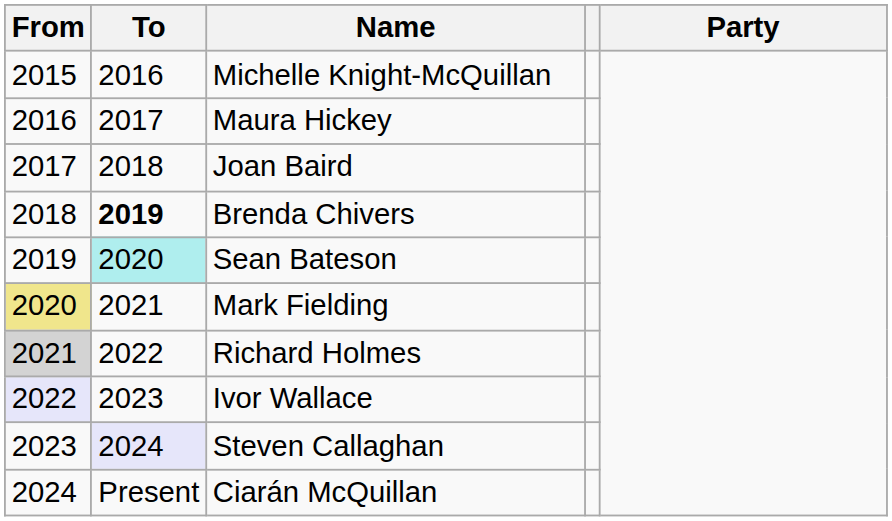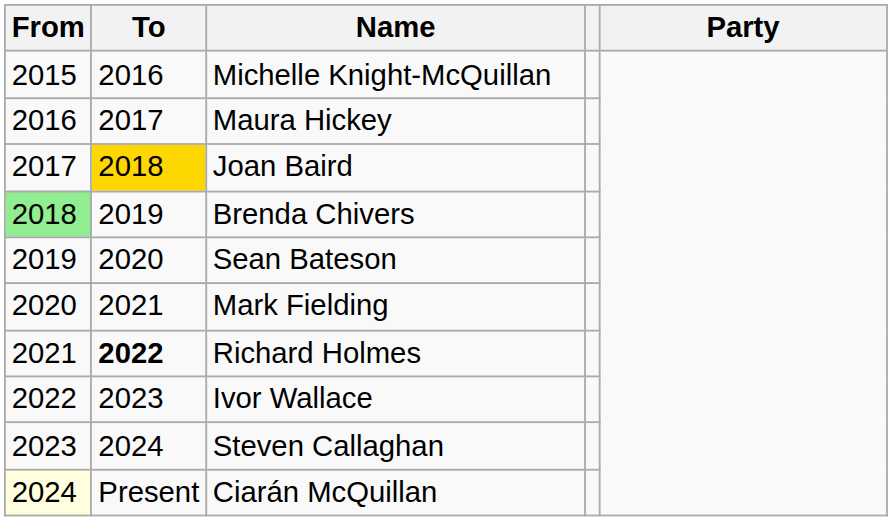 <table class="wikitable sortable">
 <tr>
 <th>From</th>
 <th>To</th>
 <th scope="col" width="200">Name</th>
 <th class="unsortable"></th>
 <th scope="col" width="150">Party</th>
 </tr>
 <tr>
 <td>2015</td>
 <td>2016</td>
 <td>Michelle Knight-McQuillan</td>
 <td></td>
 </tr>
 <tr>
 <td>2016</td>
 <td>2017</td>
 <td>Maura Hickey</td>
 <td></td>
 </tr>
 <tr>
 <td>2017</td>
-<td>2018</td>
+<td style="background: gold;">2018</td>
 <td>Joan Baird</td>
 <td></td>
 </tr>
 <tr>
-<td>2018</td>
-<td><strong>2019</strong></td>
+<td style="background: lightgreen;">2018</td>
+<td>2019</td>
 <td>Brenda Chivers</td>
 <td></td>
 </tr>
 <tr>
 <td>2019</td>
-<td style="background: paleturquoise;">2020</td>
+<td>2020</td>
 <td>Sean Bateson</td>
 <td></td>
 </tr>
 <tr>
-<td style="background: khaki;">2020</td>
+<td>2020</td>
 <td>2021</td>
 <td>Mark Fielding</td>
 <td></td>
 </tr>
 <tr>
-<td style="background: lightgrey;">2021</td>
-<td>2022</td>
+<td>2021</td>
+<td><strong>2022</strong></td>
 <td>Richard Holmes</td>
 <td></td>
 </tr>
 <tr>
-<td style="background: lavender;">2022</td>
+<td>2022</td>
 <td>2023</td>
 <td>Ivor Wallace</td>
 <td></td>
 </tr>
 <tr>
 <td>2023</td>
-<td style="background: lavender;">2024</td>
+<td>2024</td>
 <td>Steven Callaghan</td>
 <td></td>
 </tr>
 <tr>
-<td>2024</td>
+<td style="background: lightyellow;">2024</td>
 <td>Present</td>
 <td>Ciarán McQuillan</td>
 <td></td>
 </tr>
 </table>
